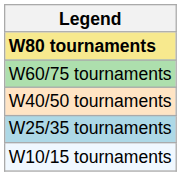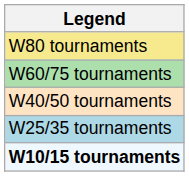 <table class="wikitable" style="font-size:85%">
 <tr>
 <th>Legend</th>
 </tr>
 <tr style=background:#f7e98e;>
-<td><strong>W80 tournaments</strong></td>
+<td>W80 tournaments</td>
 </tr>
 <tr style=background:#addfad;>
 <td>W60/75 tournaments</td>
 </tr>
 <tr style=background:#ffe4c4;>
 <td>W40/50 tournaments</td>
 </tr>
 <tr style="background:lightblue;">
 <td>W25/35 tournaments</td>
 </tr>
 <tr style="background:#f0f8ff;">
-<td>W10/15 tournaments</td>
+<td><strong>W10/15 tournaments</strong></td>
 </tr>
 </table>
